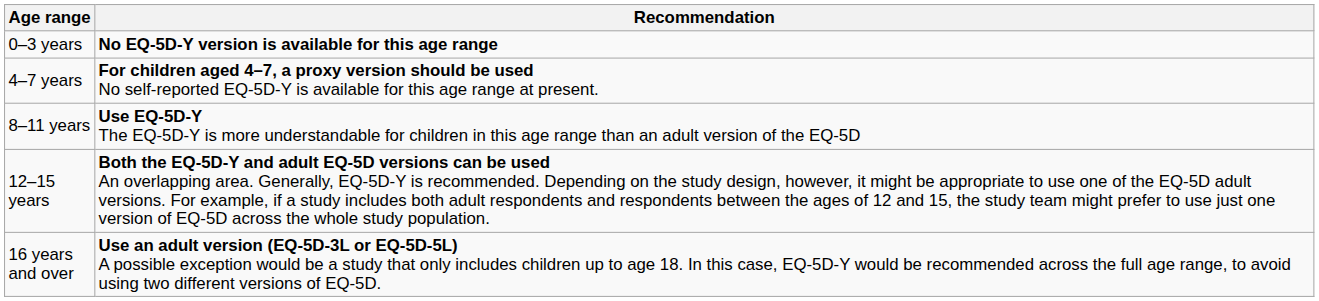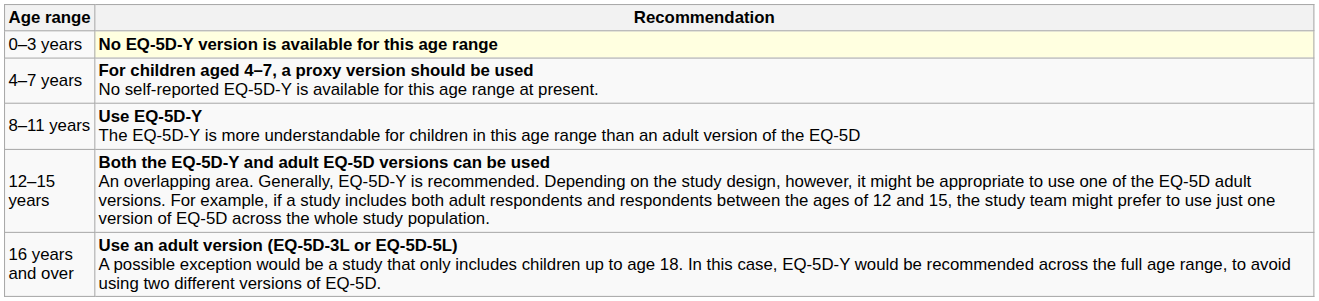 <table class="wikitable">
 <tr>
 <th>Age range</th>
 <th>Recommendation</th>
 </tr>
 <tr>
 <td>0–3 years</td>
-<td><strong>No EQ-5D-Y version is available for this age range</strong></td>
+<td style="background: lightyellow;"><strong>No EQ-5D-Y version is available for this age range</strong></td>
 </tr>
 <tr>
 <td>4–7 years</td>
 <td><strong>For children aged 4–7, a proxy version should be used</strong><br>No self-reported EQ-5D-Y is available for this age range at present.</td>
 </tr>
 <tr>
 <td>8–11 years</td>
 <td><strong>Use EQ-5D-Y</strong><br>The EQ-5D-Y is more understandable for children in this age range than an adult version of the EQ-5D</td>
 </tr>
 <tr>
 <td>12–15 years</td>
 <td><strong>Both the EQ-5D-Y and adult EQ-5D versions can be used</strong><br>An overlapping area. Generally, EQ-5D-Y is recommended. Depending on the study design, however, it might be appropriate to use one of the EQ-5D adult versions. For example, if a study includes both adult respondents and respondents between the ages of 12 and 15, the study team might prefer to use just one version of EQ-5D across the whole study population.</td>
 </tr>
 <tr>
 <td>16 years and over</td>
 <td><strong>Use an adult version (EQ-5D-3L or EQ-5D-5L)</strong><br>A possible exception would be a study that only includes children up to age 18. In this case, EQ-5D-Y would be recommended across the full age range, to avoid using two different versions of EQ-5D.</td>
 </tr>
 </table>
